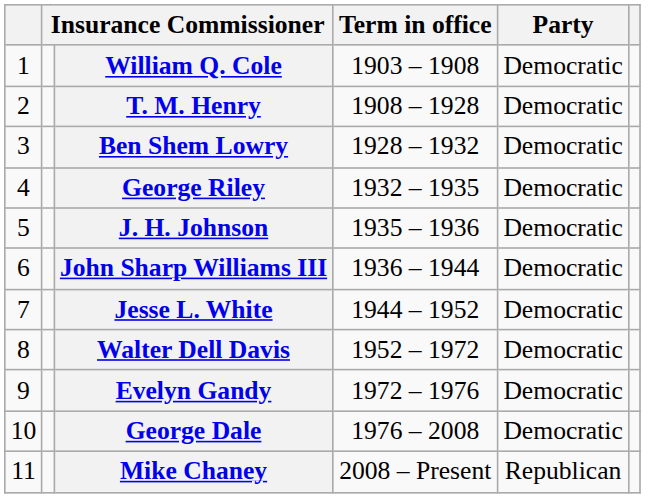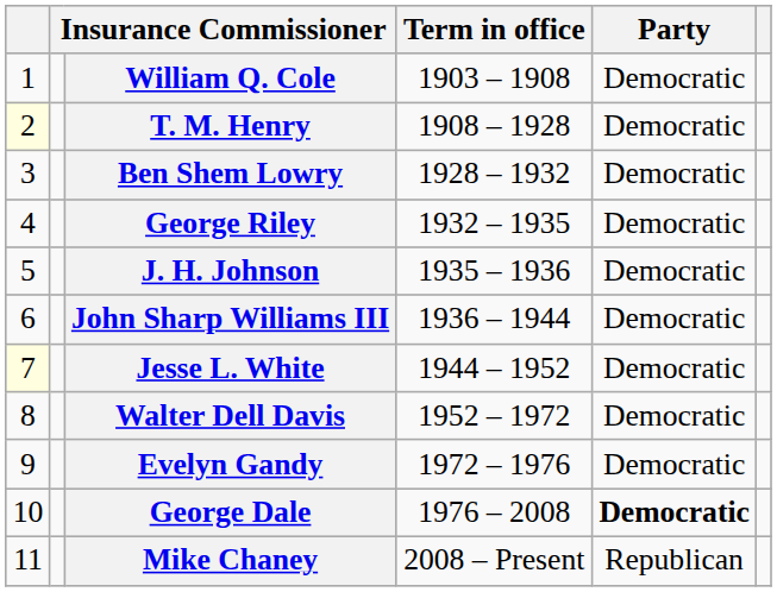 <table class="wikitable sortable" style="text-align:center;">
 <tr>
 <th scope="col" data-sort-type="number"></th>
 <th scope="col" colspan="2">Insurance Commissioner</th>
 <th scope="col">Term in office</th>
 <th scope="col">Party</th>
 <th scope="col" class="unsortable"></th>
 </tr>
 <tr>
 <td>1</td>
 <td></td>
 <th scope="row"><a href='#'>William Q. Cole</a></th>
 <td>1903 – 1908</td>
 <td>Democratic</td>
 <td></td>
 </tr>
 <tr>
-<td>2</td>
+<td style="background: lightyellow;">2</td>
 <td></td>
 <th scope="row"><a href='#'>T. M. Henry</a></th>
 <td>1908 – 1928</td>
 <td>Democratic</td>
 <td></td>
 </tr>
 <tr>
 <td>3</td>
 <td></td>
 <th scope="row"><a href='#'>Ben Shem Lowry</a></th>
 <td>1928 – 1932</td>
 <td>Democratic</td>
 <td></td>
 </tr>
 <tr>
 <td>4</td>
 <td></td>
 <th scope="row"><a href='#'>George Riley</a></th>
 <td>1932 – 1935</td>
 <td>Democratic</td>
 <td></td>
 </tr>
 <tr>
 <td>5</td>
 <td></td>
 <th scope="row"><a href='#'>J. H. Johnson</a></th>
 <td>1935 – 1936</td>
 <td>Democratic</td>
 <td></td>
 </tr>
 <tr>
 <td>6</td>
 <td></td>
 <th scope="row"><a href='#'>John Sharp Williams III</a></th>
 <td>1936 – 1944</td>
 <td>Democratic</td>
 <td></td>
 </tr>
 <tr>
-<td>7</td>
+<td style="background: lightyellow;">7</td>
 <td></td>
 <th scope="row"><a href='#'>Jesse L. White</a></th>
 <td>1944 – 1952</td>
 <td>Democratic</td>
 <td></td>
 </tr>
 <tr>
 <td>8</td>
 <td></td>
 <th scope="row"><a href='#'>Walter Dell Davis</a></th>
 <td>1952 – 1972</td>
 <td>Democratic</td>
 <td></td>
 </tr>
 <tr>
 <td>9</td>
 <td></td>
 <th scope="row"><a href='#'>Evelyn Gandy</a></th>
 <td>1972 – 1976</td>
 <td>Democratic</td>
 <td></td>
 </tr>
 <tr>
 <td>10</td>
 <td></td>
 <th scope="row"><a href='#'>George Dale</a></th>
 <td>1976 – 2008</td>
-<td>Democratic</td>
+<td><strong>Democratic</strong></td>
 <td></td>
 </tr>
 <tr>
 <td>11</td>
 <td></td>
 <th scope="row"><a href='#'>Mike Chaney</a></th>
 <td>2008 – Present</td>
 <td>Republican</td>
 <td></td>
 </tr>
 </table>
